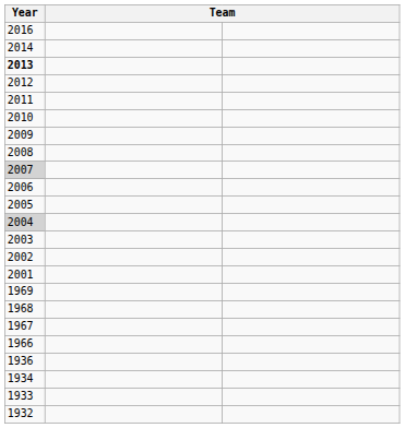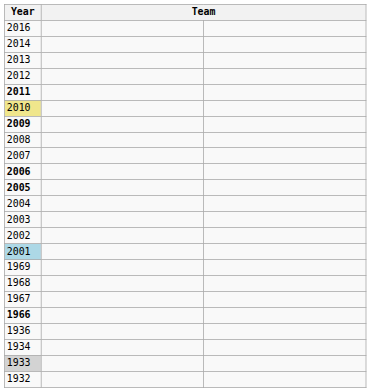 <table class="wikitable" style="font-size:95%;">
 <tr>
 <th style="width:40px;">Year</th>
 <th colspan=2 style="width:400px;">Team</th>
 </tr>
 <tr>
 <td>2016</td>
 <td></td>
 <td></td>
 </tr>
 <tr>
 <td>2014</td>
 <td></td>
 <td></td>
 </tr>
 <tr>
-<td><strong>2013</strong></td>
+<td>2013</td>
 <td></td>
 <td></td>
 </tr>
 <tr>
 <td>2012</td>
 <td></td>
 <td></td>
 </tr>
 <tr>
-<td>2011</td>
+<td><strong>2011</strong></td>
 <td></td>
 <td></td>
 </tr>
 <tr>
-<td>2010</td>
+<td style="background: khaki;">2010</td>
 <td></td>
 <td></td>
 </tr>
 <tr>
-<td>2009</td>
+<td><strong>2009</strong></td>
 <td></td>
 <td></td>
 </tr>
 <tr>
 <td>2008</td>
 <td></td>
 <td></td>
 </tr>
 <tr>
-<td style="background: lightgrey;">2007</td>
+<td>2007</td>
 <td></td>
 <td></td>
 </tr>
 <tr>
-<td>2006</td>
+<td><strong>2006</strong></td>
 <td></td>
 <td></td>
 </tr>
 <tr>
-<td>2005</td>
+<td><strong>2005</strong></td>
 <td></td>
 <td></td>
 </tr>
 <tr>
-<td style="background: lightgrey;">2004</td>
+<td>2004</td>
 <td></td>
 <td></td>
 </tr>
 <tr>
 <td>2003</td>
 <td></td>
 <td></td>
 </tr>
 <tr>
 <td>2002</td>
 <td></td>
 <td></td>
 </tr>
 <tr>
-<td>2001</td>
+<td style="background: lightblue;">2001</td>
 <td></td>
 <td></td>
 </tr>
 <tr>
 <td>1969</td>
 <td></td>
 <td></td>
 </tr>
 <tr>
 <td>1968</td>
 <td></td>
 <td></td>
 </tr>
 <tr>
 <td>1967</td>
 <td></td>
 <td></td>
 </tr>
 <tr>
-<td>1966</td>
+<td><strong>1966</strong></td>
 <td></td>
 <td></td>
 </tr>
 <tr>
 <td>1936</td>
 <td></td>
 <td></td>
 </tr>
 <tr>
 <td>1934</td>
 <td></td>
 <td></td>
 </tr>
 <tr>
-<td>1933</td>
+<td style="background: lightgrey;">1933</td>
 <td></td>
 <td></td>
 </tr>
 <tr>
 <td>1932</td>
 <td></td>
 <td></td>
 </tr>
 </table>
